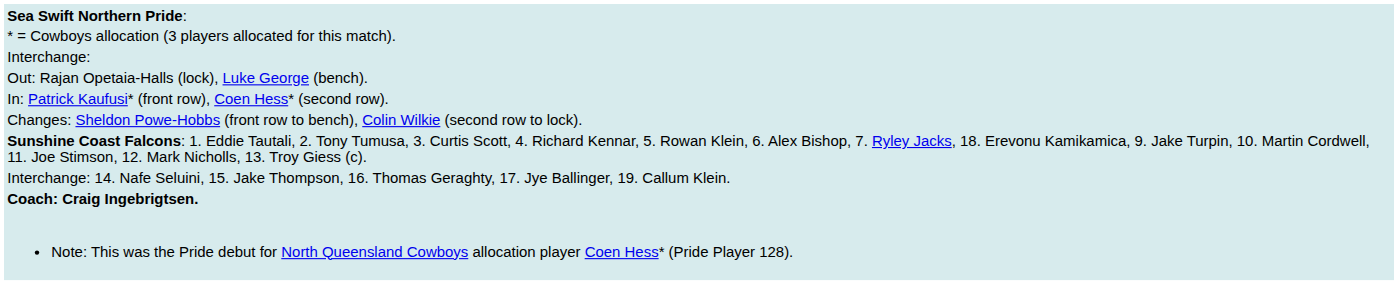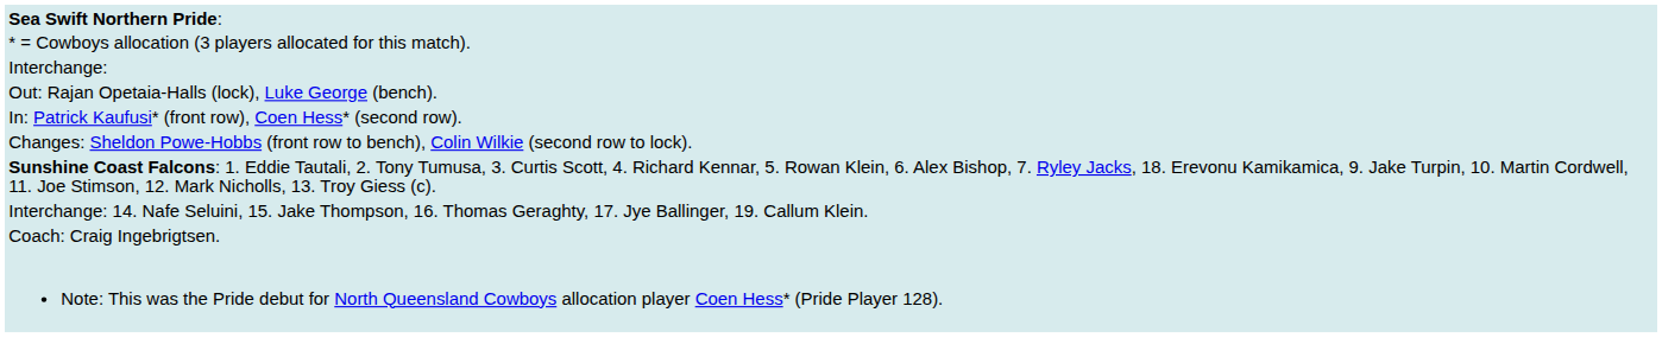 <table style="background:#d7ebed; font-size:85%; width:100%;">
 <tr>
 <td><strong>Sea Swift Northern Pride</strong>:             </td>
 </tr>
 <tr>
 <td>* = Cowboys allocation (3 players allocated for this match).</td>
 </tr>
 <tr>
 <td>Interchange:    </td>
 </tr>
 <tr>
 <td>Out: Rajan Opetaia-Halls (lock), <a href='#'>Luke George</a> (bench).</td>
 </tr>
 <tr>
 <td>In: <a href='#'>Patrick Kaufusi</a>* (front row), <a href='#'>Coen Hess</a>* (second row).</td>
 </tr>
 <tr>
 <td>Changes: <a href='#'>Sheldon Powe-Hobbs</a> (front row to bench), <a href='#'>Colin Wilkie</a> (second row to lock).</td>
 </tr>
 <tr>
 <td><strong>Sunshine Coast Falcons</strong>: 1. Eddie Tautali, 2. Tony Tumusa, 3. Curtis Scott, 4. Richard Kennar, 5. Rowan Klein, 6. Alex Bishop, 7. <a href='#'>Ryley Jacks</a>, 18. Erevonu Kamikamica, 9. Jake Turpin, 10. Martin Cordwell, 11. Joe Stimson, 12. Mark Nicholls, 13. Troy Giess (c).</td>
 </tr>
 <tr>
 <td>Interchange: 14. Nafe Seluini, 15. Jake Thompson, 16. Thomas Geraghty, 17. Jye Ballinger, 19. Callum Klein.</td>
 </tr>
 <tr>
-<td><strong>Coach: Craig Ingebrigtsen.</strong></td>
+<td>Coach: Craig Ingebrigtsen.</td>
 </tr>
 <tr>
 <td><br><ul><li>Note: This was the Pride debut for <a href='#'>North Queensland Cowboys</a> allocation player <a href='#'>Coen Hess</a>* (Pride Player 128).</li></ul></td>
 </tr>
 <tr>
 </tr>
 </table>
